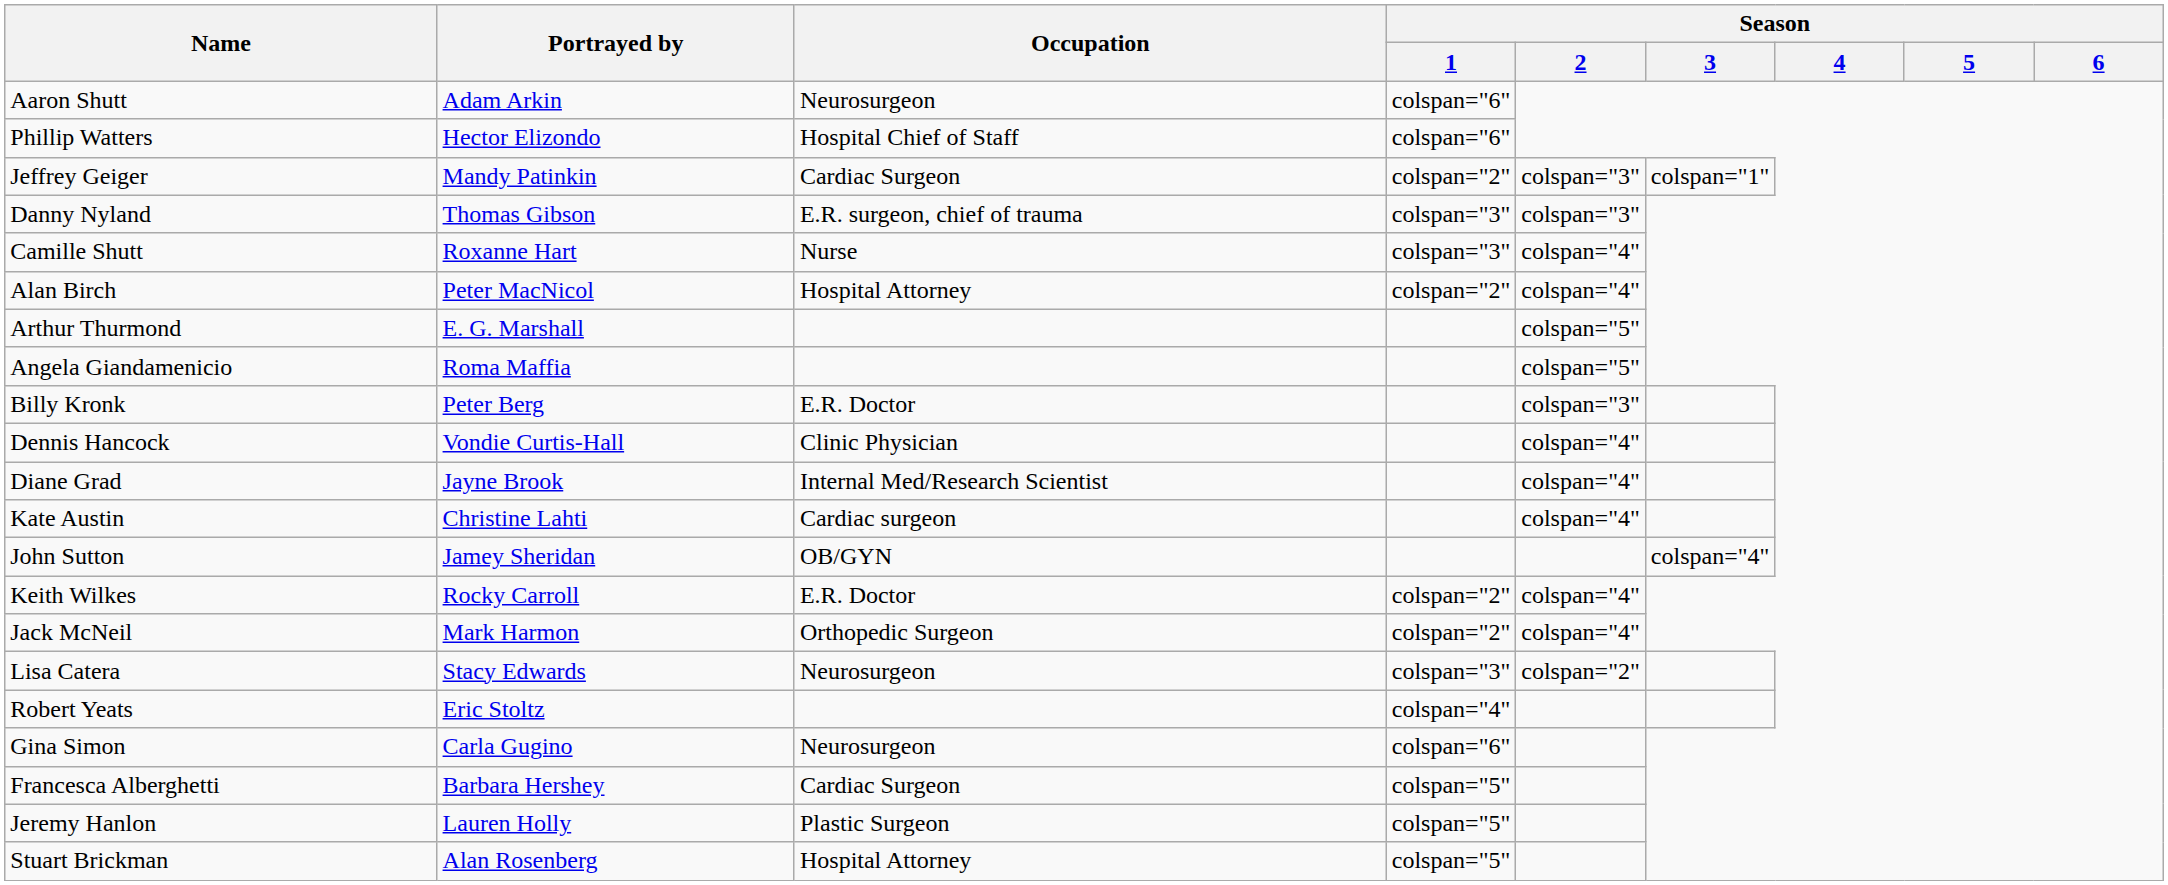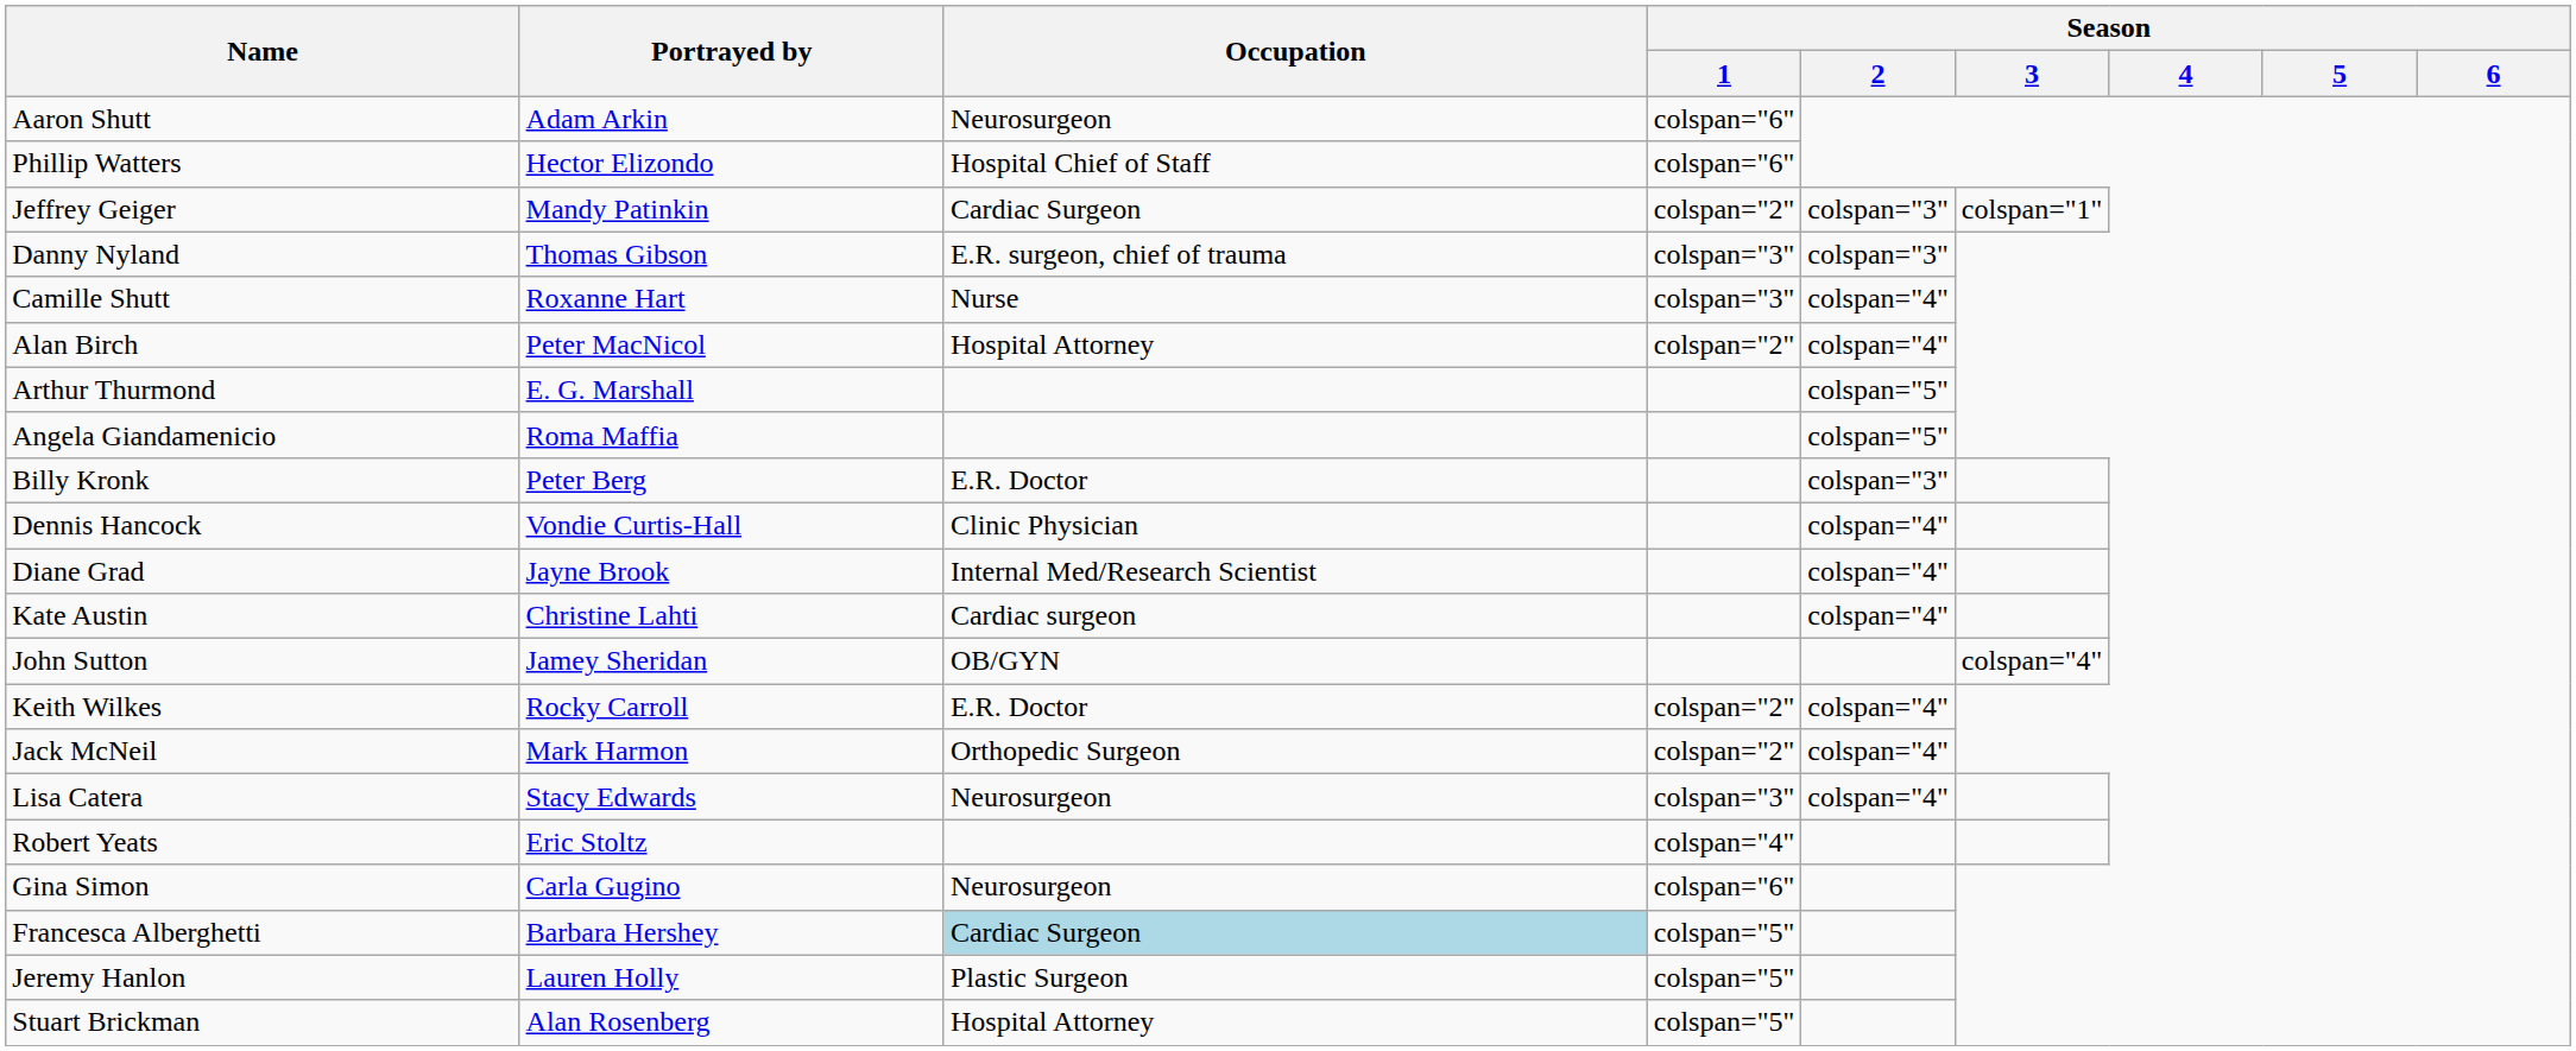 <table class="wikitable">
 <tr>
 <th rowspan="2">Name</th>
 <th rowspan="2">Portrayed by</th>
 <th rowspan="2">Occupation</th>
 <th colspan="6">Season</th>
 </tr>
 <tr>
 <th style="width:6%;"><a href='#'>1</a></th>
 <th style="width:6%;"><a href='#'>2</a></th>
 <th style="width:6%;"><a href='#'>3</a></th>
 <th style="width:6%;"><a href='#'>4</a></th>
 <th style="width:6%;"><a href='#'>5</a></th>
 <th style="width:6%;"><a href='#'>6</a></th>
 </tr>
 <tr>
 <td>Aaron Shutt</td>
 <td><a href='#'>Adam Arkin</a></td>
 <td>Neurosurgeon</td>
 <td>colspan="6" </td>
 </tr>
 <tr>
 <td>Phillip Watters</td>
 <td><a href='#'>Hector Elizondo</a></td>
 <td>Hospital Chief of Staff</td>
 <td>colspan="6" </td>
 </tr>
 <tr>
 <td>Jeffrey Geiger</td>
 <td><a href='#'>Mandy Patinkin</a></td>
 <td>Cardiac Surgeon</td>
 <td>colspan="2" </td>
 <td>colspan="3" </td>
 <td>colspan="1" </td>
 </tr>
 <tr>
 <td>Danny Nyland</td>
 <td><a href='#'>Thomas Gibson</a></td>
 <td>E.R. surgeon, chief of trauma</td>
 <td>colspan="3" </td>
 <td>colspan="3" </td>
 </tr>
 <tr>
 <td>Camille Shutt</td>
 <td><a href='#'>Roxanne Hart</a></td>
 <td>Nurse</td>
 <td>colspan="3" </td>
 <td>colspan="4" </td>
 </tr>
 <tr>
 <td>Alan Birch</td>
 <td><a href='#'>Peter MacNicol</a></td>
 <td>Hospital Attorney</td>
 <td>colspan="2" </td>
 <td>colspan="4" </td>
 </tr>
 <tr>
 <td>Arthur Thurmond</td>
 <td><a href='#'>E. G. Marshall</a></td>
 <td></td>
 <td></td>
 <td>colspan="5" </td>
 </tr>
 <tr>
 <td>Angela Giandamenicio</td>
 <td><a href='#'>Roma Maffia</a></td>
 <td></td>
 <td></td>
 <td>colspan="5" </td>
 </tr>
 <tr>
 <td>Billy Kronk</td>
 <td><a href='#'>Peter Berg</a></td>
 <td>E.R. Doctor</td>
 <td></td>
 <td>colspan="3" </td>
 <td></td>
 </tr>
 <tr>
 <td>Dennis Hancock</td>
 <td><a href='#'>Vondie Curtis-Hall</a></td>
 <td>Clinic Physician</td>
 <td></td>
 <td>colspan="4" </td>
 <td></td>
 </tr>
 <tr>
 <td>Diane Grad</td>
 <td><a href='#'>Jayne Brook</a></td>
 <td>Internal Med/Research Scientist</td>
 <td></td>
 <td>colspan="4" </td>
 <td></td>
 </tr>
 <tr>
 <td>Kate Austin</td>
 <td><a href='#'>Christine Lahti</a></td>
 <td>Cardiac surgeon</td>
 <td></td>
 <td>colspan="4" </td>
 <td></td>
 </tr>
 <tr>
 <td>John Sutton</td>
 <td><a href='#'>Jamey Sheridan</a></td>
 <td>OB/GYN</td>
 <td></td>
 <td></td>
 <td>colspan="4" </td>
 </tr>
 <tr>
 <td>Keith Wilkes</td>
 <td><a href='#'>Rocky Carroll</a></td>
 <td>E.R. Doctor</td>
 <td>colspan="2" </td>
 <td>colspan="4" </td>
 </tr>
 <tr>
 <td>Jack McNeil</td>
 <td><a href='#'>Mark Harmon</a></td>
 <td>Orthopedic Surgeon</td>
 <td>colspan="2" </td>
 <td>colspan="4" </td>
 </tr>
 <tr>
 <td>Lisa Catera</td>
 <td><a href='#'>Stacy Edwards</a></td>
 <td>Neurosurgeon</td>
 <td>colspan="3" </td>
-<td>colspan="2" </td>
+<td>colspan="4" </td>
 <td></td>
 </tr>
 <tr>
 <td>Robert Yeats</td>
 <td><a href='#'>Eric Stoltz</a></td>
 <td></td>
 <td>colspan="4" </td>
 <td></td>
 <td></td>
 </tr>
 <tr>
 <td>Gina Simon</td>
 <td><a href='#'>Carla Gugino</a></td>
 <td>Neurosurgeon</td>
 <td>colspan="6" </td>
 <td></td>
 </tr>
 <tr>
 <td>Francesca Alberghetti</td>
 <td><a href='#'>Barbara Hershey</a></td>
-<td>Cardiac Surgeon</td>
+<td style="background: lightblue;">Cardiac Surgeon</td>
 <td>colspan="5" </td>
 <td></td>
 </tr>
 <tr>
 <td>Jeremy Hanlon</td>
 <td><a href='#'>Lauren Holly</a></td>
 <td>Plastic Surgeon</td>
 <td>colspan="5" </td>
 <td></td>
 </tr>
 <tr>
 <td>Stuart Brickman</td>
 <td><a href='#'>Alan Rosenberg</a></td>
 <td>Hospital Attorney</td>
 <td>colspan="5" </td>
 <td></td>
 </tr>
 </table>
